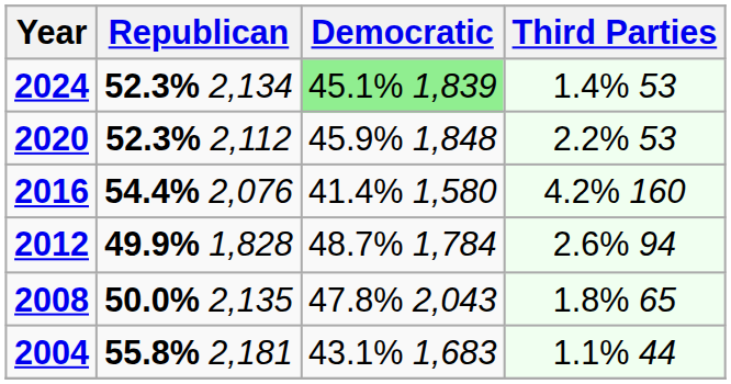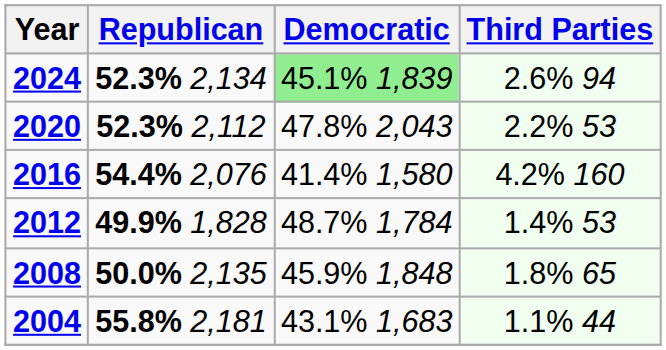 <table class="wikitable" style="float:right; font-size:95%;">
 <tr bgcolor=lightgrey>
 <th>Year</th>
 <th><a href='#'>Republican</a></th>
 <th><a href='#'>Democratic</a></th>
 <th><a href='#'>Third Parties</a></th>
 </tr>
 <tr>
 <td style="text-align:center; "><strong><a href='#'>2024</a></strong></td>
 <td style="text-align:center; "><strong>52.3%</strong> <em>2,134</em></td>
 <td style="background: lightgreen; text-align:center; ">45.1%  <em>1,839</em></td>
-<td style="text-align:center; background:honeyDew;">1.4% <em>53</em></td>
+<td style="text-align:center; background:honeyDew;">2.6% <em>94</em></td>
 </tr>
 <tr>
 <td style="text-align:center; "><strong><a href='#'>2020</a></strong></td>
 <td style="text-align:center; "><strong>52.3%</strong> <em>2,112</em></td>
-<td style="text-align:center; ">45.9%  <em>1,848</em></td>
+<td style="text-align:center; ">47.8%  <em>2,043</em></td>
 <td style="text-align:center; background:honeyDew;">2.2% <em>53</em></td>
 </tr>
 <tr>
 <td style="text-align:center; "><strong><a href='#'>2016</a></strong></td>
 <td style="text-align:center; "><strong>54.4%</strong> <em>2,076</em></td>
 <td style="text-align:center; ">41.4%  <em>1,580</em></td>
 <td style="text-align:center; background:honeyDew;">4.2% <em>160</em></td>
 </tr>
 <tr>
 <td style="text-align:center; "><strong><a href='#'>2012</a></strong></td>
 <td style="text-align:center; "><strong>49.9%</strong> <em>1,828</em></td>
 <td style="text-align:center; ">48.7%  <em>1,784</em></td>
-<td style="text-align:center; background:honeyDew;">2.6% <em>94</em></td>
+<td style="text-align:center; background:honeyDew;">1.4% <em>53</em></td>
 </tr>
 <tr>
 <td style="text-align:center; "><strong><a href='#'>2008</a></strong></td>
 <td style="text-align:center; "><strong>50.0%</strong> <em>2,135</em></td>
-<td style="text-align:center; ">47.8%  <em>2,043</em></td>
+<td style="text-align:center; ">45.9%  <em>1,848</em></td>
 <td style="text-align:center; background:honeyDew;">1.8% <em>65</em></td>
 </tr>
 <tr>
 <td style="text-align:center; "><strong><a href='#'>2004</a></strong></td>
 <td style="text-align:center; "><strong>55.8%</strong> <em>2,181</em></td>
 <td style="text-align:center; ">43.1%  <em>1,683</em></td>
 <td style="text-align:center; background:honeyDew;">1.1% <em>44</em></td>
 </tr>
 <tr>
 </tr>
 </table>
